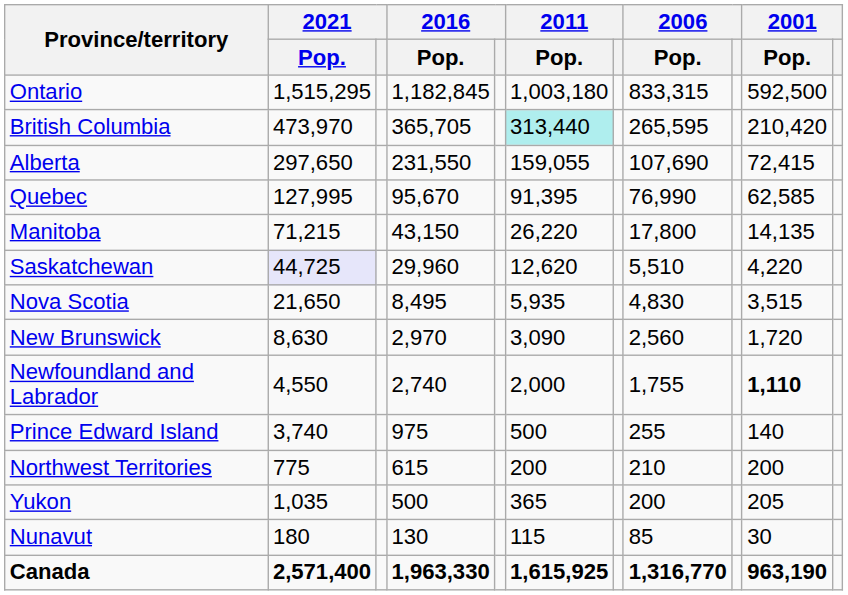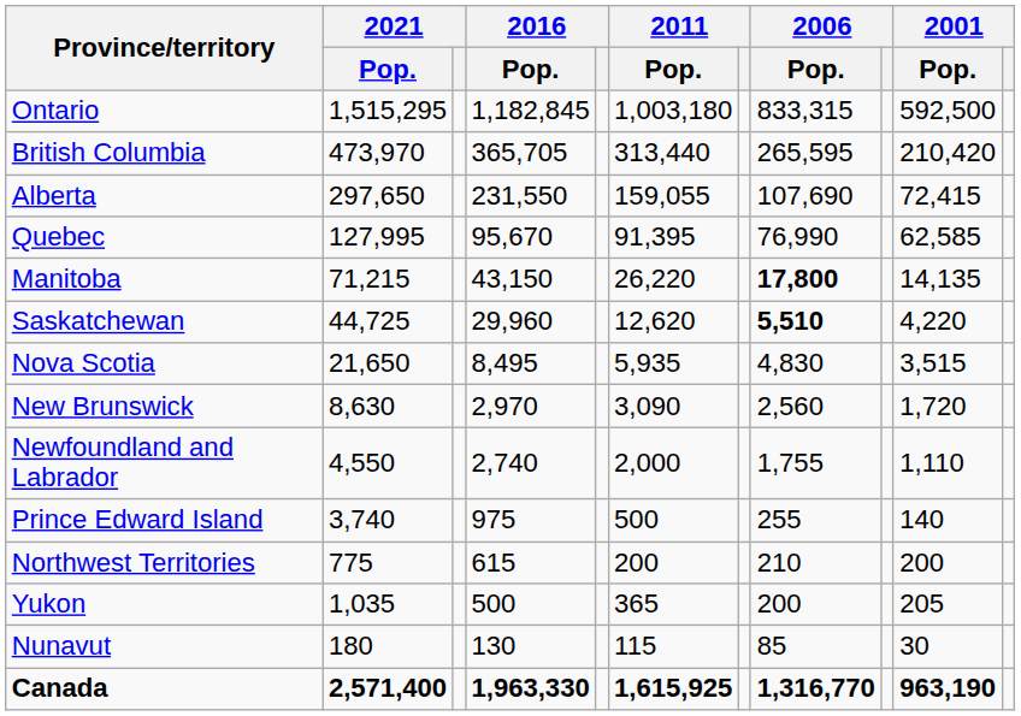 <table class="wikitable collapsible sortable">
 <tr>
 <th rowspan="2">Province/territory</th>
 <th colspan="2"><a href='#'>2021</a></th>
 <th colspan="2"><a href='#'>2016</a></th>
 <th colspan="2"><a href='#'>2011</a></th>
 <th colspan="2"><a href='#'>2006</a></th>
 <th colspan="2"><a href='#'>2001</a></th>
 </tr>
 <tr>
 <th><a href='#'>Pop.</a></th>
 <th></th>
 <th>Pop.</th>
 <th></th>
 <th>Pop.</th>
 <th></th>
 <th>Pop.</th>
 <th></th>
 <th>Pop.</th>
 <th></th>
 </tr>
 <tr>
 <td><a href='#'>Ontario</a></td>
 <td>1,515,295</td>
 <td></td>
 <td>1,182,845</td>
 <td></td>
 <td>1,003,180</td>
 <td></td>
 <td>833,315</td>
 <td></td>
 <td>592,500</td>
 <td></td>
 </tr>
 <tr>
 <td><a href='#'>British Columbia</a></td>
 <td>473,970</td>
 <td></td>
 <td>365,705</td>
 <td></td>
-<td style="background: paleturquoise;">313,440</td>
+<td>313,440</td>
 <td></td>
 <td>265,595</td>
 <td></td>
 <td>210,420</td>
 <td></td>
 </tr>
 <tr>
 <td><a href='#'>Alberta</a></td>
 <td>297,650</td>
 <td></td>
 <td>231,550</td>
 <td></td>
 <td>159,055</td>
 <td></td>
 <td>107,690</td>
 <td></td>
 <td>72,415</td>
 <td></td>
 </tr>
 <tr>
 <td><a href='#'>Quebec</a></td>
 <td>127,995</td>
 <td></td>
 <td>95,670</td>
 <td></td>
 <td>91,395</td>
 <td></td>
 <td>76,990</td>
 <td></td>
 <td>62,585</td>
 <td></td>
 </tr>
 <tr>
 <td><a href='#'>Manitoba</a></td>
 <td>71,215</td>
 <td></td>
 <td>43,150</td>
 <td></td>
 <td>26,220</td>
 <td></td>
-<td>17,800</td>
+<td><strong>17,800</strong></td>
 <td></td>
 <td>14,135</td>
 <td></td>
 </tr>
 <tr>
 <td><a href='#'>Saskatchewan</a></td>
-<td style="background: lavender;">44,725</td>
+<td>44,725</td>
 <td></td>
 <td>29,960</td>
 <td></td>
 <td>12,620</td>
 <td></td>
-<td>5,510</td>
+<td><strong>5,510</strong></td>
 <td></td>
 <td>4,220</td>
 <td></td>
 </tr>
 <tr>
 <td><a href='#'>Nova Scotia</a></td>
 <td>21,650</td>
 <td></td>
 <td>8,495</td>
 <td></td>
 <td>5,935</td>
 <td></td>
 <td>4,830</td>
 <td></td>
 <td>3,515</td>
 <td></td>
 </tr>
 <tr>
 <td><a href='#'>New Brunswick</a></td>
 <td>8,630</td>
 <td></td>
 <td>2,970</td>
 <td></td>
 <td>3,090</td>
 <td></td>
 <td>2,560</td>
 <td></td>
 <td>1,720</td>
 <td></td>
 </tr>
 <tr>
 <td><a href='#'>Newfoundland and Labrador</a></td>
 <td>4,550</td>
 <td></td>
 <td>2,740</td>
 <td></td>
 <td>2,000</td>
 <td></td>
 <td>1,755</td>
 <td></td>
-<td><strong>1,110</strong></td>
+<td>1,110</td>
 <td></td>
 </tr>
 <tr>
 <td><a href='#'>Prince Edward Island</a></td>
 <td>3,740</td>
 <td></td>
 <td>975</td>
 <td></td>
 <td>500</td>
 <td></td>
 <td>255</td>
 <td></td>
 <td>140</td>
 <td></td>
 </tr>
 <tr>
 <td><a href='#'>Northwest Territories</a></td>
 <td>775</td>
 <td></td>
 <td>615</td>
 <td></td>
 <td>200</td>
 <td></td>
 <td>210</td>
 <td></td>
 <td>200</td>
 <td></td>
 </tr>
 <tr>
 <td><a href='#'>Yukon</a></td>
 <td>1,035</td>
 <td></td>
 <td>500</td>
 <td></td>
 <td>365</td>
 <td></td>
 <td>200</td>
 <td></td>
 <td>205</td>
 <td></td>
 </tr>
 <tr>
 <td><a href='#'>Nunavut</a></td>
 <td>180</td>
 <td></td>
 <td>130</td>
 <td></td>
 <td>115</td>
 <td></td>
 <td>85</td>
 <td></td>
 <td>30</td>
 <td></td>
 </tr>
 <tr>
 <td><strong>Canada</strong></td>
 <td><strong>2,571,400</strong></td>
 <td><strong></strong></td>
 <td><strong>1,963,330</strong></td>
 <td><strong></strong></td>
 <td><strong>1,615,925</strong></td>
 <td><strong></strong></td>
 <td><strong>1,316,770</strong></td>
 <td><strong></strong></td>
 <td><strong>963,190</strong></td>
 <td><strong></strong></td>
 </tr>
 </table>
